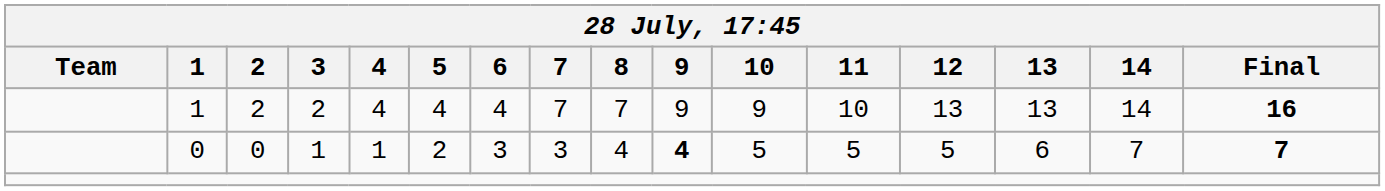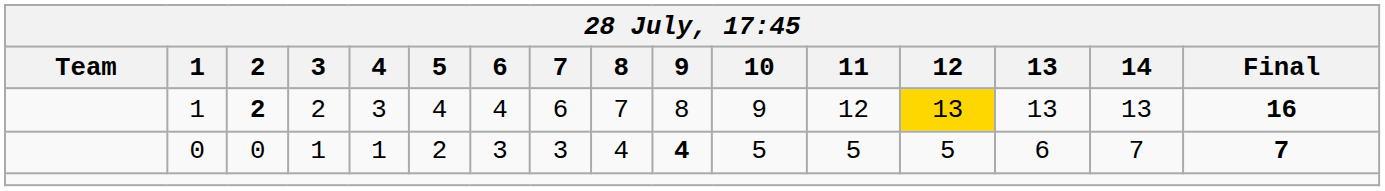 <table class=wikitable style="text-align:center; width: 55%">
 <tr>
 <th colspan=17><em>28 July, 17:45</em></th>
 </tr>
 <tr>
 <th>Team</th>
 <th>1</th>
 <th>2</th>
 <th>3</th>
 <th>4</th>
 <th>5</th>
 <th>6</th>
 <th>7</th>
 <th>8</th>
 <th>9</th>
 <th>10</th>
 <th>11</th>
 <th>12</th>
 <th>13</th>
 <th>14</th>
 <th>Final</th>
 </tr>
 <tr>
 <td align=left><strong></strong></td>
 <td>1</td>
+<td><strong>2</strong></td>
 <td>2</td>
-<td>2</td>
+<td>3</td>
 <td>4</td>
 <td>4</td>
-<td>4</td>
+<td>6</td>
 <td>7</td>
-<td>7</td>
+<td>8</td>
 <td>9</td>
-<td>9</td>
-<td>10</td>
+<td>12</td>
+<td style="background: gold;">13</td>
 <td>13</td>
 <td>13</td>
-<td>14</td>
 <td><strong>16</strong></td>
 </tr>
 <tr>
 <td align=left></td>
 <td>0</td>
 <td>0</td>
 <td>1</td>
 <td>1</td>
 <td>2</td>
 <td>3</td>
 <td>3</td>
 <td>4</td>
 <td><strong>4</strong></td>
 <td>5</td>
 <td>5</td>
 <td>5</td>
 <td>6</td>
 <td>7</td>
 <td><strong>7</strong></td>
 </tr>
 <tr>
 <td colspan=17></td>
 </tr>
 </table>
